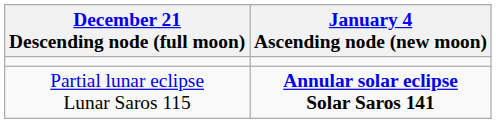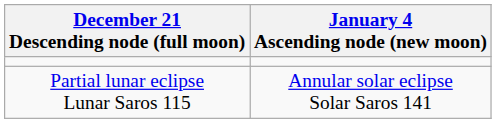 <table class="wikitable">
 <tr>
 <th><a href='#'>December 21</a><br>Descending node (full moon)<br></th>
 <th><a href='#'>January 4</a><br>Ascending node (new moon)<br></th>
 </tr>
 <tr>
 <td></td>
 <td></td>
 </tr>
 <tr align=center>
 <td><a href='#'>Partial lunar eclipse</a><br>Lunar Saros 115</td>
-<td><strong><a href='#'>Annular solar eclipse</a><br>Solar Saros 141</strong></td>
+<td><a href='#'>Annular solar eclipse</a><br>Solar Saros 141</td>
 </tr>
 </table>
